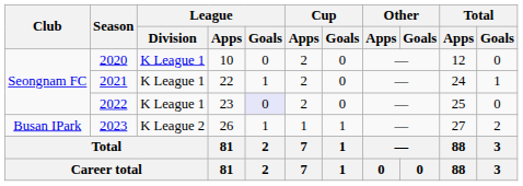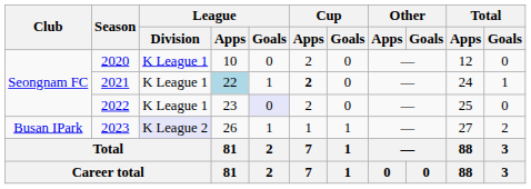 <table class="wikitable" style="text-align: center">
 <tr>
 <th rowspan="2">Club</th>
 <th rowspan="2">Season</th>
 <th colspan="3">League</th>
 <th colspan="2">Cup</th>
 <th colspan="2">Other</th>
 <th colspan="2">Total</th>
 </tr>
 <tr>
 <th>Division</th>
 <th>Apps</th>
 <th>Goals</th>
 <th>Apps</th>
 <th>Goals</th>
 <th>Apps</th>
 <th>Goals</th>
 <th>Apps</th>
 <th>Goals</th>
 </tr>
 <tr>
 <td rowspan="3"><a href='#'>Seongnam FC</a></td>
 <td><a href='#'>2020</a></td>
 <td><a href='#'>K League 1</a></td>
 <td>10</td>
 <td>0</td>
 <td>2</td>
 <td>0</td>
 <td colspan="2">—</td>
 <td>12</td>
 <td>0</td>
 </tr>
 <tr>
 <td><a href='#'>2021</a></td>
 <td>K League 1</td>
-<td>22</td>
+<td style="background: lightblue;">22</td>
 <td>1</td>
-<td>2</td>
+<td><strong>2</strong></td>
 <td>0</td>
 <td colspan="2">—</td>
 <td>24</td>
 <td>1</td>
 </tr>
 <tr>
 <td><a href='#'>2022</a></td>
 <td>K League 1</td>
 <td>23</td>
 <td style="background: lavender;">0</td>
 <td>2</td>
 <td>0</td>
 <td colspan="2">—</td>
 <td>25</td>
 <td>0</td>
 </tr>
 <tr>
 <td><a href='#'>Busan IPark</a></td>
 <td><a href='#'>2023</a></td>
-<td>K League 2</td>
+<td style="background: lavender;">K League 2</td>
 <td>26</td>
 <td>1</td>
 <td>1</td>
 <td>1</td>
 <td colspan="2">—</td>
 <td>27</td>
 <td>2</td>
 </tr>
 <tr>
 <th colspan="3">Total</th>
 <th>81</th>
 <th>2</th>
 <th>7</th>
 <th>1</th>
 <th colspan="2">—</th>
 <th>88</th>
 <th>3</th>
 </tr>
 <tr>
 <th colspan=3>Career total</th>
 <th>81</th>
 <th>2</th>
 <th>7</th>
 <th>1</th>
 <th>0</th>
 <th>0</th>
 <th>88</th>
 <th>3</th>
 </tr>
 </table>
